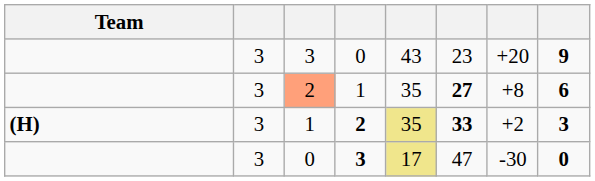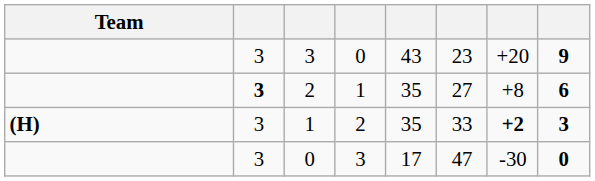 <table class="wikitable" style="text-align:center;font-size:95%">
 <tr>
 <th width=160>Team</th>
 <th width=30></th>
 <th width=30></th>
 <th width=30></th>
 <th width=30></th>
 <th width=30></th>
 <th width=30></th>
 <th width=30></th>
 </tr>
 <tr>
 <td align="left"></td>
 <td>3</td>
 <td>3</td>
 <td>0</td>
 <td>43</td>
 <td>23</td>
 <td>+20</td>
 <td><strong>9</strong></td>
 </tr>
 <tr>
 <td align="left"></td>
-<td>3</td>
-<td style="background: lightsalmon;">2</td>
+<td><strong>3</strong></td>
+<td>2</td>
 <td>1</td>
 <td>35</td>
-<td><strong>27</strong></td>
+<td>27</td>
 <td>+8</td>
 <td><strong>6</strong></td>
 </tr>
 <tr>
 <td align="left"> <strong>(H)</strong></td>
 <td>3</td>
 <td>1</td>
-<td><strong>2</strong></td>
-<td style="background: khaki;">35</td>
-<td><strong>33</strong></td>
-<td>+2</td>
+<td>2</td>
+<td>35</td>
+<td>33</td>
+<td><strong>+2</strong></td>
 <td><strong>3</strong></td>
 </tr>
 <tr>
 <td align="left"></td>
 <td>3</td>
 <td>0</td>
-<td><strong>3</strong></td>
-<td style="background: khaki;">17</td>
+<td>3</td>
+<td>17</td>
 <td>47</td>
 <td>-30</td>
 <td><strong>0</strong></td>
 </tr>
 </table>
